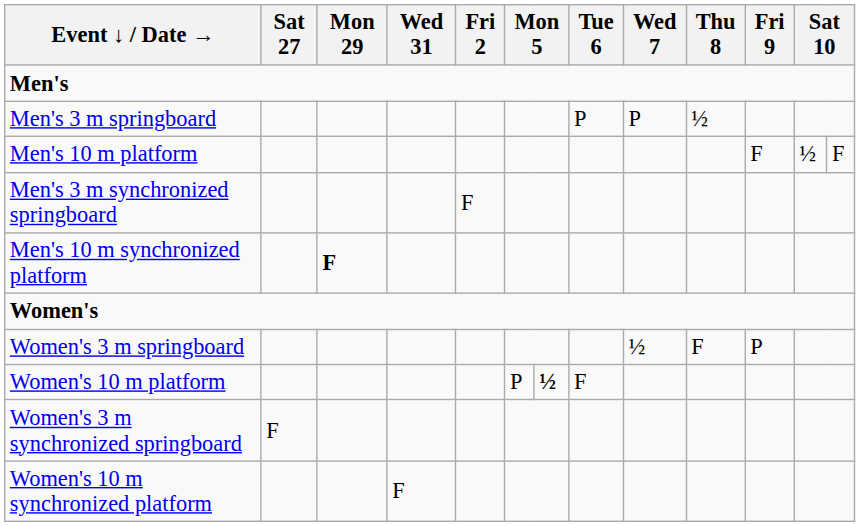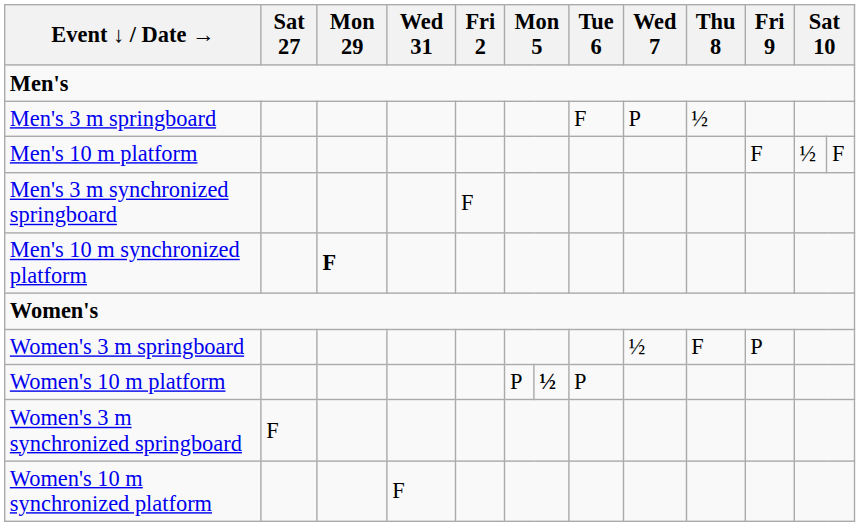 <table class="wikitable olympic-schedule diving">
 <tr>
 <th>Event ↓ / Date →</th>
 <th>Sat 27</th>
 <th>Mon 29</th>
 <th>Wed 31</th>
 <th>Fri 2</th>
 <th colspan=2>Mon 5</th>
 <th>Tue 6</th>
 <th>Wed 7</th>
 <th>Thu 8</th>
 <th>Fri 9</th>
 <th colspan=2>Sat 10</th>
 </tr>
 <tr>
 <td colspan=13><strong>Men's</strong></td>
 </tr>
 <tr>
 <td class=event><a href='#'>Men's 3 m springboard</a></td>
 <td></td>
 <td></td>
 <td></td>
 <td></td>
 <td colspan=2></td>
-<td class="prelims">P</td>
+<td class="final">F</td>
 <td class="prelims">P</td>
 <td class="semifinals">½</td>
 <td></td>
 <td colspan=2></td>
 </tr>
 <tr>
 <td class=event><a href='#'>Men's 10 m platform</a></td>
 <td></td>
 <td></td>
 <td></td>
 <td></td>
 <td colspan=2></td>
 <td></td>
 <td></td>
 <td></td>
 <td class="final">F</td>
 <td class="semifinals">½</td>
 <td class="final">F</td>
 </tr>
 <tr>
 <td class=event><a href='#'>Men's 3 m synchronized springboard</a></td>
 <td></td>
 <td></td>
 <td></td>
 <td class="final">F</td>
 <td colspan=2></td>
 <td></td>
 <td></td>
 <td></td>
 <td></td>
 <td colspan=2></td>
 </tr>
 <tr>
 <td class=event><a href='#'>Men's 10 m synchronized platform</a></td>
 <td></td>
 <td class="final"><strong>F</strong></td>
 <td></td>
 <td></td>
 <td colspan=2></td>
 <td></td>
 <td></td>
 <td></td>
 <td></td>
 <td colspan=2></td>
 </tr>
 <tr>
 <td colspan=13><strong>Women's</strong></td>
 </tr>
 <tr>
 <td class=event><a href='#'>Women's 3 m springboard</a></td>
 <td></td>
 <td></td>
 <td></td>
 <td></td>
 <td colspan=2></td>
 <td></td>
 <td class="semifinals">½</td>
 <td class="final">F</td>
 <td class="prelims">P</td>
 <td colspan=2></td>
 </tr>
 <tr>
 <td class=event><a href='#'>Women's 10 m platform</a></td>
 <td></td>
 <td></td>
 <td></td>
 <td></td>
 <td class="prelims">P</td>
 <td class="semifinals"><strong>½</strong></td>
-<td class="final">F</td>
+<td class="prelims">P</td>
 <td></td>
 <td></td>
 <td></td>
 <td colspan=2></td>
 </tr>
 <tr>
 <td class=event><a href='#'>Women's 3 m synchronized springboard</a></td>
 <td class="final">F</td>
 <td></td>
 <td></td>
 <td></td>
 <td colspan=2></td>
 <td></td>
 <td></td>
 <td></td>
 <td></td>
 <td colspan=2></td>
 </tr>
 <tr>
 <td class=event><a href='#'>Women's 10 m synchronized platform</a></td>
 <td></td>
 <td></td>
 <td class="final">F</td>
 <td></td>
 <td colspan=2></td>
 <td></td>
 <td></td>
 <td></td>
 <td></td>
 <td colspan=2></td>
 </tr>
 </table>
